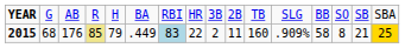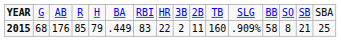 <table class="wikitable">
 <tr align=center>
 <td><strong>YEAR</strong></td>
 <td><a href='#'>G</a></td>
 <td><a href='#'>AB</a></td>
 <td><a href='#'>R</a></td>
 <td><a href='#'>H</a></td>
 <td><a href='#'>BA</a></td>
 <td><a href='#'>RBI</a></td>
 <td><a href='#'>HR</a></td>
 <td><a href='#'>3B</a></td>
 <td><a href='#'>2B</a></td>
 <td><a href='#'>TB</a></td>
 <td><a href='#'>SLG</a></td>
 <td><a href='#'>BB</a></td>
 <td><a href='#'>SO</a></td>
 <td><a href='#'>SB</a></td>
 <td>SBA</td>
 </tr>
 <tr align=center>
 <td><strong>2015</strong></td>
 <td>68</td>
 <td>176</td>
-<td style="background: khaki;">85</td>
+<td>85</td>
 <td>79</td>
 <td>.449</td>
-<td style="background: lightblue;">83</td>
+<td>83</td>
 <td>22</td>
 <td>2</td>
 <td>11</td>
 <td>160</td>
 <td>.909%</td>
 <td>58</td>
 <td>8</td>
 <td>21</td>
-<td style="background: gold;">25</td>
+<td>25</td>
 </tr>
 </table>
